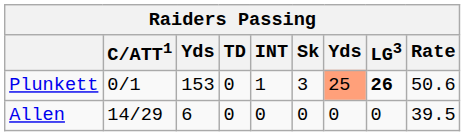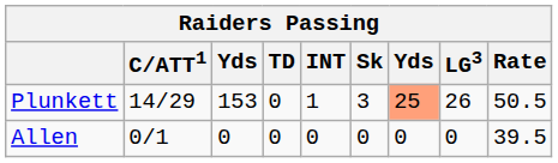 <table class="wikitable">
 <tr>
 <th colspan="9">Raiders Passing</th>
 </tr>
 <tr>
 <th></th>
 <th>C/ATT<sup>1</sup></th>
 <th>Yds</th>
 <th>TD</th>
 <th>INT</th>
 <th>Sk</th>
 <th>Yds</th>
 <th>LG<sup>3</sup></th>
 <th>Rate</th>
 </tr>
 <tr>
 <td><a href='#'>Plunkett</a></td>
-<td>0/1</td>
+<td>14/29</td>
 <td>153</td>
 <td>0</td>
 <td>1</td>
 <td>3</td>
 <td style="background: lightsalmon;">25</td>
-<td><strong>26</strong></td>
-<td>50.6</td>
+<td>26</td>
+<td>50.5</td>
 </tr>
 <tr>
 <td><a href='#'>Allen</a></td>
-<td>14/29</td>
-<td>6</td>
+<td>0/1</td>
+<td>0</td>
 <td>0</td>
 <td>0</td>
 <td>0</td>
 <td>0</td>
 <td>0</td>
 <td>39.5</td>
 </tr>
 </table>
